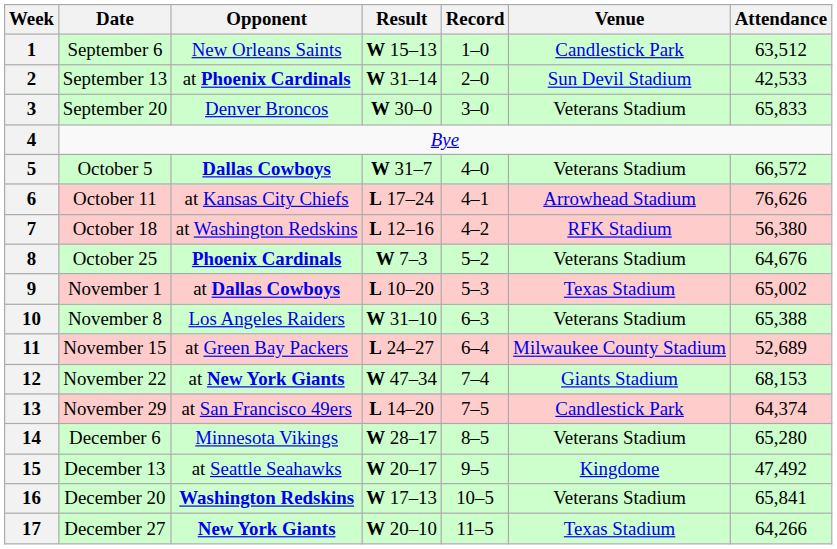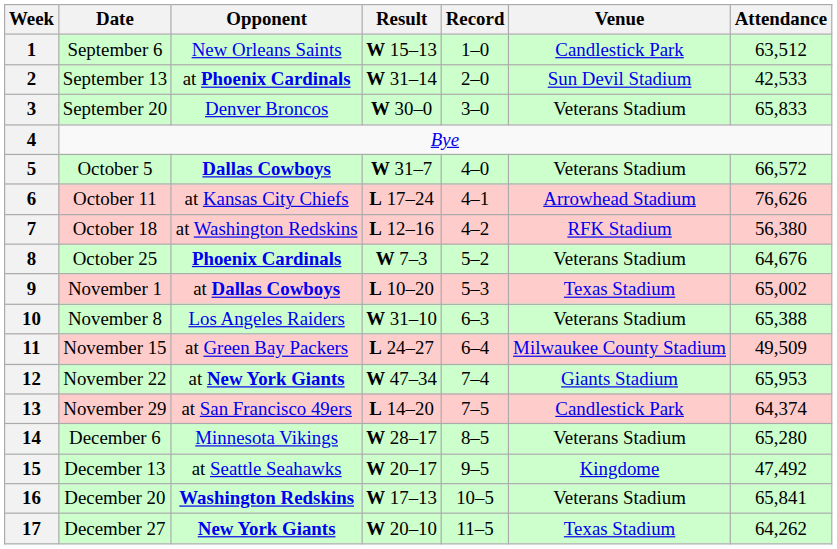 <table class="wikitable" style="text-align:center">
 <tr>
 <th>Week</th>
 <th>Date</th>
 <th>Opponent</th>
 <th>Result</th>
 <th>Record</th>
 <th>Venue</th>
 <th>Attendance</th>
 </tr>
 <tr style="background:#cfc">
 <th>1</th>
 <td>September 6</td>
 <td><a href='#'>New Orleans Saints</a></td>
 <td><strong>W</strong> 15–13</td>
 <td>1–0</td>
 <td><a href='#'>Candlestick Park</a></td>
 <td>63,512</td>
 </tr>
 <tr style="background:#cfc">
 <th>2</th>
 <td>September 13</td>
 <td>at <strong><a href='#'>Phoenix Cardinals</a></strong></td>
 <td><strong>W</strong> 31–14</td>
 <td>2–0</td>
 <td><a href='#'>Sun Devil Stadium</a></td>
 <td>42,533</td>
 </tr>
 <tr style="background:#cfc">
 <th>3</th>
 <td>September 20</td>
 <td><a href='#'>Denver Broncos</a></td>
 <td><strong>W</strong> 30–0</td>
 <td>3–0</td>
 <td>Veterans Stadium</td>
 <td>65,833</td>
 </tr>
 <tr>
 <th>4</th>
 <td colspan="6" style="text-align:center;"><em><a href='#'>Bye</a></em></td>
 </tr>
 <tr style="background:#cfc">
 <th>5</th>
 <td>October 5</td>
 <td><strong><a href='#'>Dallas Cowboys</a></strong></td>
 <td><strong>W</strong> 31–7</td>
 <td>4–0</td>
 <td>Veterans Stadium</td>
 <td>66,572</td>
 </tr>
 <tr style="background:#fcc">
 <th>6</th>
 <td>October 11</td>
 <td>at <a href='#'>Kansas City Chiefs</a></td>
 <td><strong>L</strong> 17–24</td>
 <td>4–1</td>
 <td><a href='#'>Arrowhead Stadium</a></td>
 <td>76,626</td>
 </tr>
 <tr style="background:#fcc">
 <th>7</th>
 <td>October 18</td>
 <td>at <a href='#'>Washington Redskins</a></td>
 <td><strong>L</strong> 12–16</td>
 <td>4–2</td>
 <td><a href='#'>RFK Stadium</a></td>
 <td>56,380</td>
 </tr>
 <tr style="background:#cfc">
 <th>8</th>
 <td>October 25</td>
 <td><strong><a href='#'>Phoenix Cardinals</a></strong></td>
 <td><strong>W</strong> 7–3</td>
 <td>5–2</td>
 <td>Veterans Stadium</td>
 <td>64,676</td>
 </tr>
 <tr style="background:#fcc">
 <th>9</th>
 <td>November 1</td>
 <td>at <strong><a href='#'>Dallas Cowboys</a></strong></td>
 <td><strong>L</strong> 10–20</td>
 <td>5–3</td>
 <td><a href='#'>Texas Stadium</a></td>
 <td>65,002</td>
 </tr>
 <tr style="background:#cfc">
 <th>10</th>
 <td>November 8</td>
 <td><a href='#'>Los Angeles Raiders</a></td>
 <td><strong>W</strong> 31–10</td>
 <td>6–3</td>
 <td>Veterans Stadium</td>
 <td>65,388</td>
 </tr>
 <tr style="background:#fcc">
 <th>11</th>
 <td>November 15</td>
 <td>at <a href='#'>Green Bay Packers</a></td>
 <td><strong>L</strong> 24–27</td>
 <td>6–4</td>
 <td><a href='#'>Milwaukee County Stadium</a></td>
-<td>52,689</td>
+<td>49,509</td>
 </tr>
 <tr style="background:#cfc">
 <th>12</th>
 <td>November 22</td>
 <td>at <strong><a href='#'>New York Giants</a></strong></td>
 <td><strong>W</strong> 47–34</td>
 <td>7–4</td>
 <td><a href='#'>Giants Stadium</a></td>
-<td>68,153</td>
+<td>65,953</td>
 </tr>
 <tr style="background:#fcc">
 <th>13</th>
 <td>November 29</td>
 <td>at <a href='#'>San Francisco 49ers</a></td>
 <td><strong>L</strong> 14–20</td>
 <td>7–5</td>
 <td><a href='#'>Candlestick Park</a></td>
 <td>64,374</td>
 </tr>
 <tr style="background:#cfc">
 <th>14</th>
 <td>December 6</td>
 <td><a href='#'>Minnesota Vikings</a></td>
 <td><strong>W</strong> 28–17</td>
 <td>8–5</td>
 <td>Veterans Stadium</td>
 <td>65,280</td>
 </tr>
 <tr style="background:#cfc">
 <th>15</th>
 <td>December 13</td>
 <td>at <a href='#'>Seattle Seahawks</a></td>
 <td><strong>W</strong> 20–17 </td>
 <td>9–5</td>
 <td><a href='#'>Kingdome</a></td>
 <td>47,492</td>
 </tr>
 <tr style="background:#cfc">
 <th>16</th>
 <td>December 20</td>
 <td><strong><a href='#'>Washington Redskins</a></strong></td>
 <td><strong>W</strong> 17–13</td>
 <td>10–5</td>
 <td>Veterans Stadium</td>
 <td>65,841</td>
 </tr>
 <tr style="background:#cfc">
 <th>17</th>
 <td>December 27</td>
 <td><strong><a href='#'>New York Giants</a></strong></td>
 <td><strong>W</strong> 20–10</td>
 <td>11–5</td>
 <td><a href='#'>Texas Stadium</a></td>
-<td>64,266</td>
+<td>64,262</td>
 </tr>
 </table>
